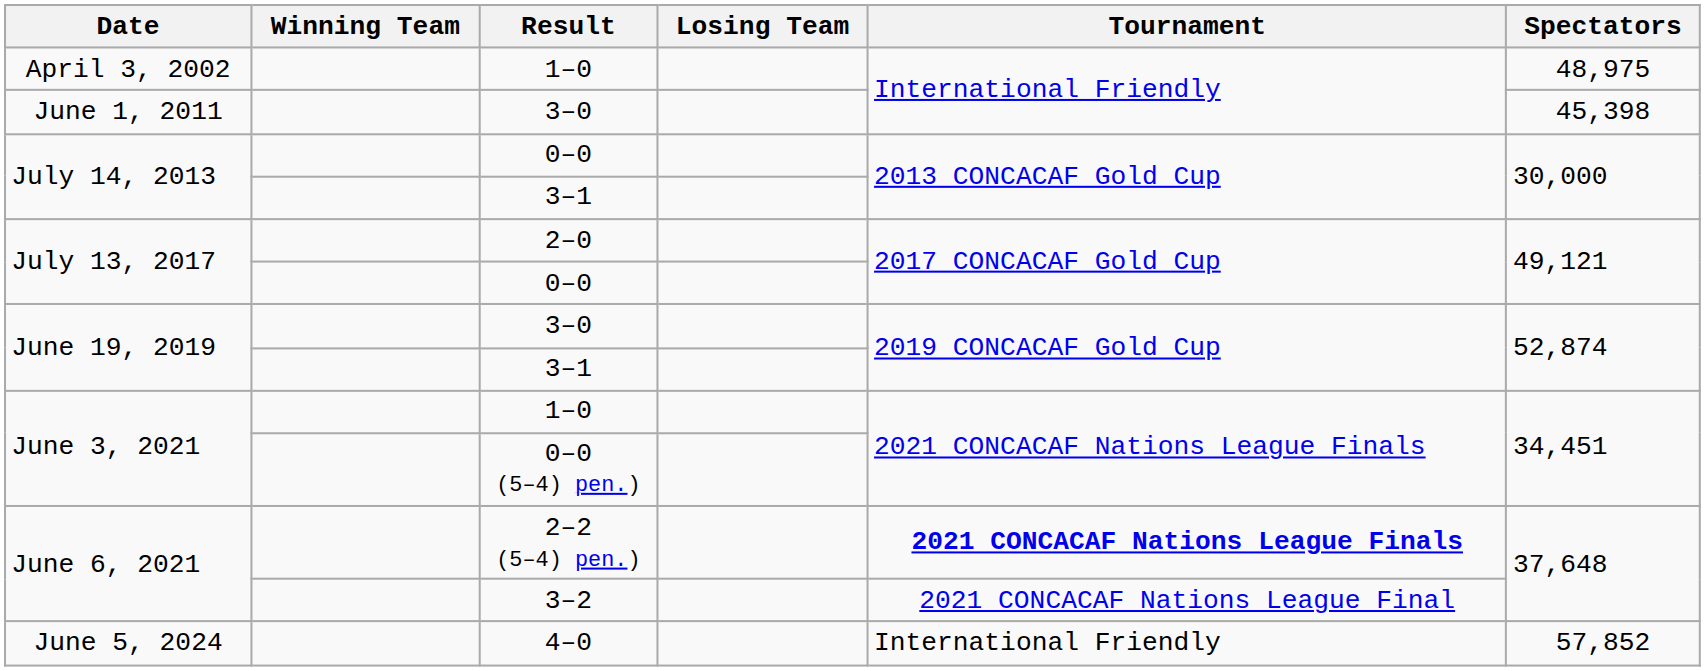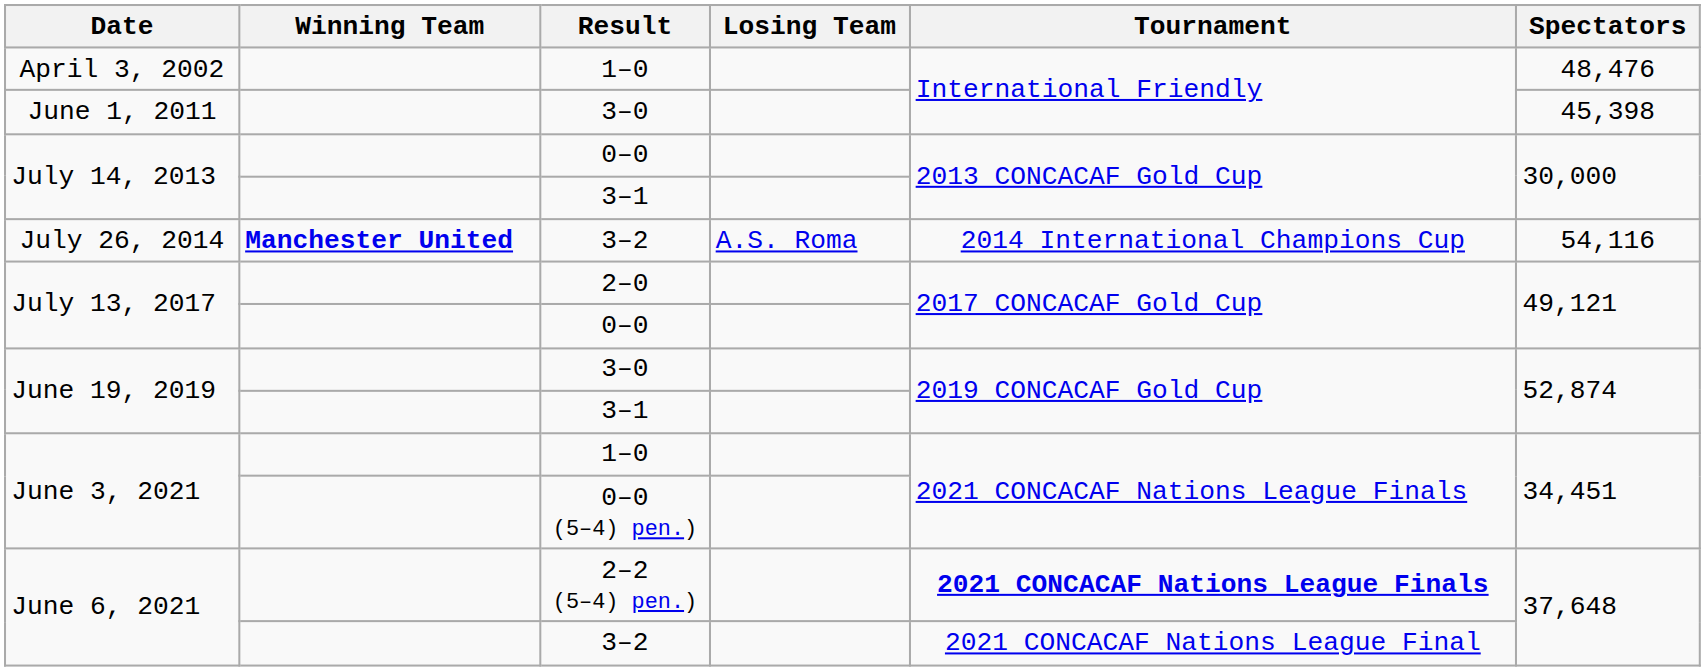 <table class="wikitable" style="text-align:left; width:95%;" style="text-align:center">
 <tr>
 <th style="text-align:center; ">Date</th>
 <th style="text-align:center; ">Winning Team</th>
 <th style="text-align:center; ">Result</th>
 <th style="text-align:center; ">Losing Team</th>
 <th style="text-align:center; ">Tournament</th>
 <th style="text-align:center; ">Spectators</th>
 </tr>
 <tr>
 <td style="text-align:center;">April 3, 2002</td>
 <td><strong></strong></td>
 <td style="text-align:center;">1–0</td>
 <td></td>
 <td rowspan="2"><a href='#'>International Friendly</a></td>
-<td style="text-align:center;">48,975</td>
+<td style="text-align:center;">48,476</td>
 </tr>
 <tr>
 <td style="text-align:center;">June 1, 2011</td>
 <td><strong></strong></td>
 <td style="text-align:center;">3–0</td>
 <td></td>
 <td style="text-align:center;">45,398</td>
 </tr>
 <tr>
 <td rowspan="2">July 14, 2013</td>
 <td></td>
 <td style="text-align:center;">0–0</td>
 <td></td>
 <td rowspan="2"><a href='#'>2013 CONCACAF Gold Cup</a></td>
 <td rowspan="2">30,000</td>
 </tr>
 <tr>
 <td><strong></strong></td>
 <td style="text-align:center;">3–1</td>
 <td></td>
+</tr>
+<tr>
+<td style="text-align:center;">July 26, 2014</td>
+<td><strong> <a href='#'>Manchester United</a></strong></td>
+<td style="text-align:center;">3–2</td>
+<td> <a href='#'>A.S. Roma</a></td>
+<td style="text-align:center;"><a href='#'>2014 International Champions Cup</a></td>
+<td style="text-align:center;">54,116</td>
 </tr>
 <tr>
 <td rowspan="2">July 13, 2017</td>
 <td><strong></strong></td>
 <td style="text-align:center;">2–0</td>
 <td></td>
 <td rowspan="2"><a href='#'>2017 CONCACAF Gold Cup</a></td>
 <td rowspan="2">49,121</td>
 </tr>
 <tr>
 <td></td>
 <td style="text-align:center;">0–0</td>
 <td></td>
 </tr>
 <tr>
 <td rowspan="2">June 19, 2019</td>
 <td><strong></strong></td>
 <td style="text-align:center;">3–0</td>
 <td></td>
 <td rowspan="2"><a href='#'>2019 CONCACAF Gold Cup</a></td>
 <td rowspan="2">52,874</td>
 </tr>
 <tr>
 <td><strong></strong></td>
 <td style="text-align:center;">3–1</td>
 <td></td>
 </tr>
 <tr>
 <td rowspan="2">June 3, 2021</td>
 <td><strong></strong></td>
 <td style="text-align:center;">1–0</td>
 <td></td>
 <td rowspan="2"><a href='#'>2021 CONCACAF Nations League Finals</a></td>
 <td rowspan="2">34,451</td>
 </tr>
 <tr>
 <td><strong></strong></td>
 <td style="text-align:center;">0–0<br> <small>(5–4) <a href='#'>pen.</a>)</small></td>
 <td></td>
 </tr>
 <tr>
 <td rowspan="2">June 6, 2021</td>
 <td><strong></strong></td>
 <td style="text-align:center;">2–2<br> <small>(5–4) <a href='#'>pen.</a>)</small></td>
 <td></td>
 <td style="text-align:center;"><strong><a href='#'>2021 CONCACAF Nations League Finals</a></strong></td>
 <td rowspan="2">37,648</td>
 </tr>
 <tr>
 <td><strong></strong></td>
 <td style="text-align:center;">3–2<br> </td>
 <td></td>
 <td style="text-align:center;"><a href='#'>2021 CONCACAF Nations League Final</a></td>
 </tr>
-<tr>
-<td style="text-align:center;">June 5, 2024</td>
-<td><strong></strong></td>
-<td style="text-align:center;">4–0</td>
-<td></td>
-<td>International Friendly</td>
-<td style="text-align:center;">57,852</td>
-</tr>
 </table>
